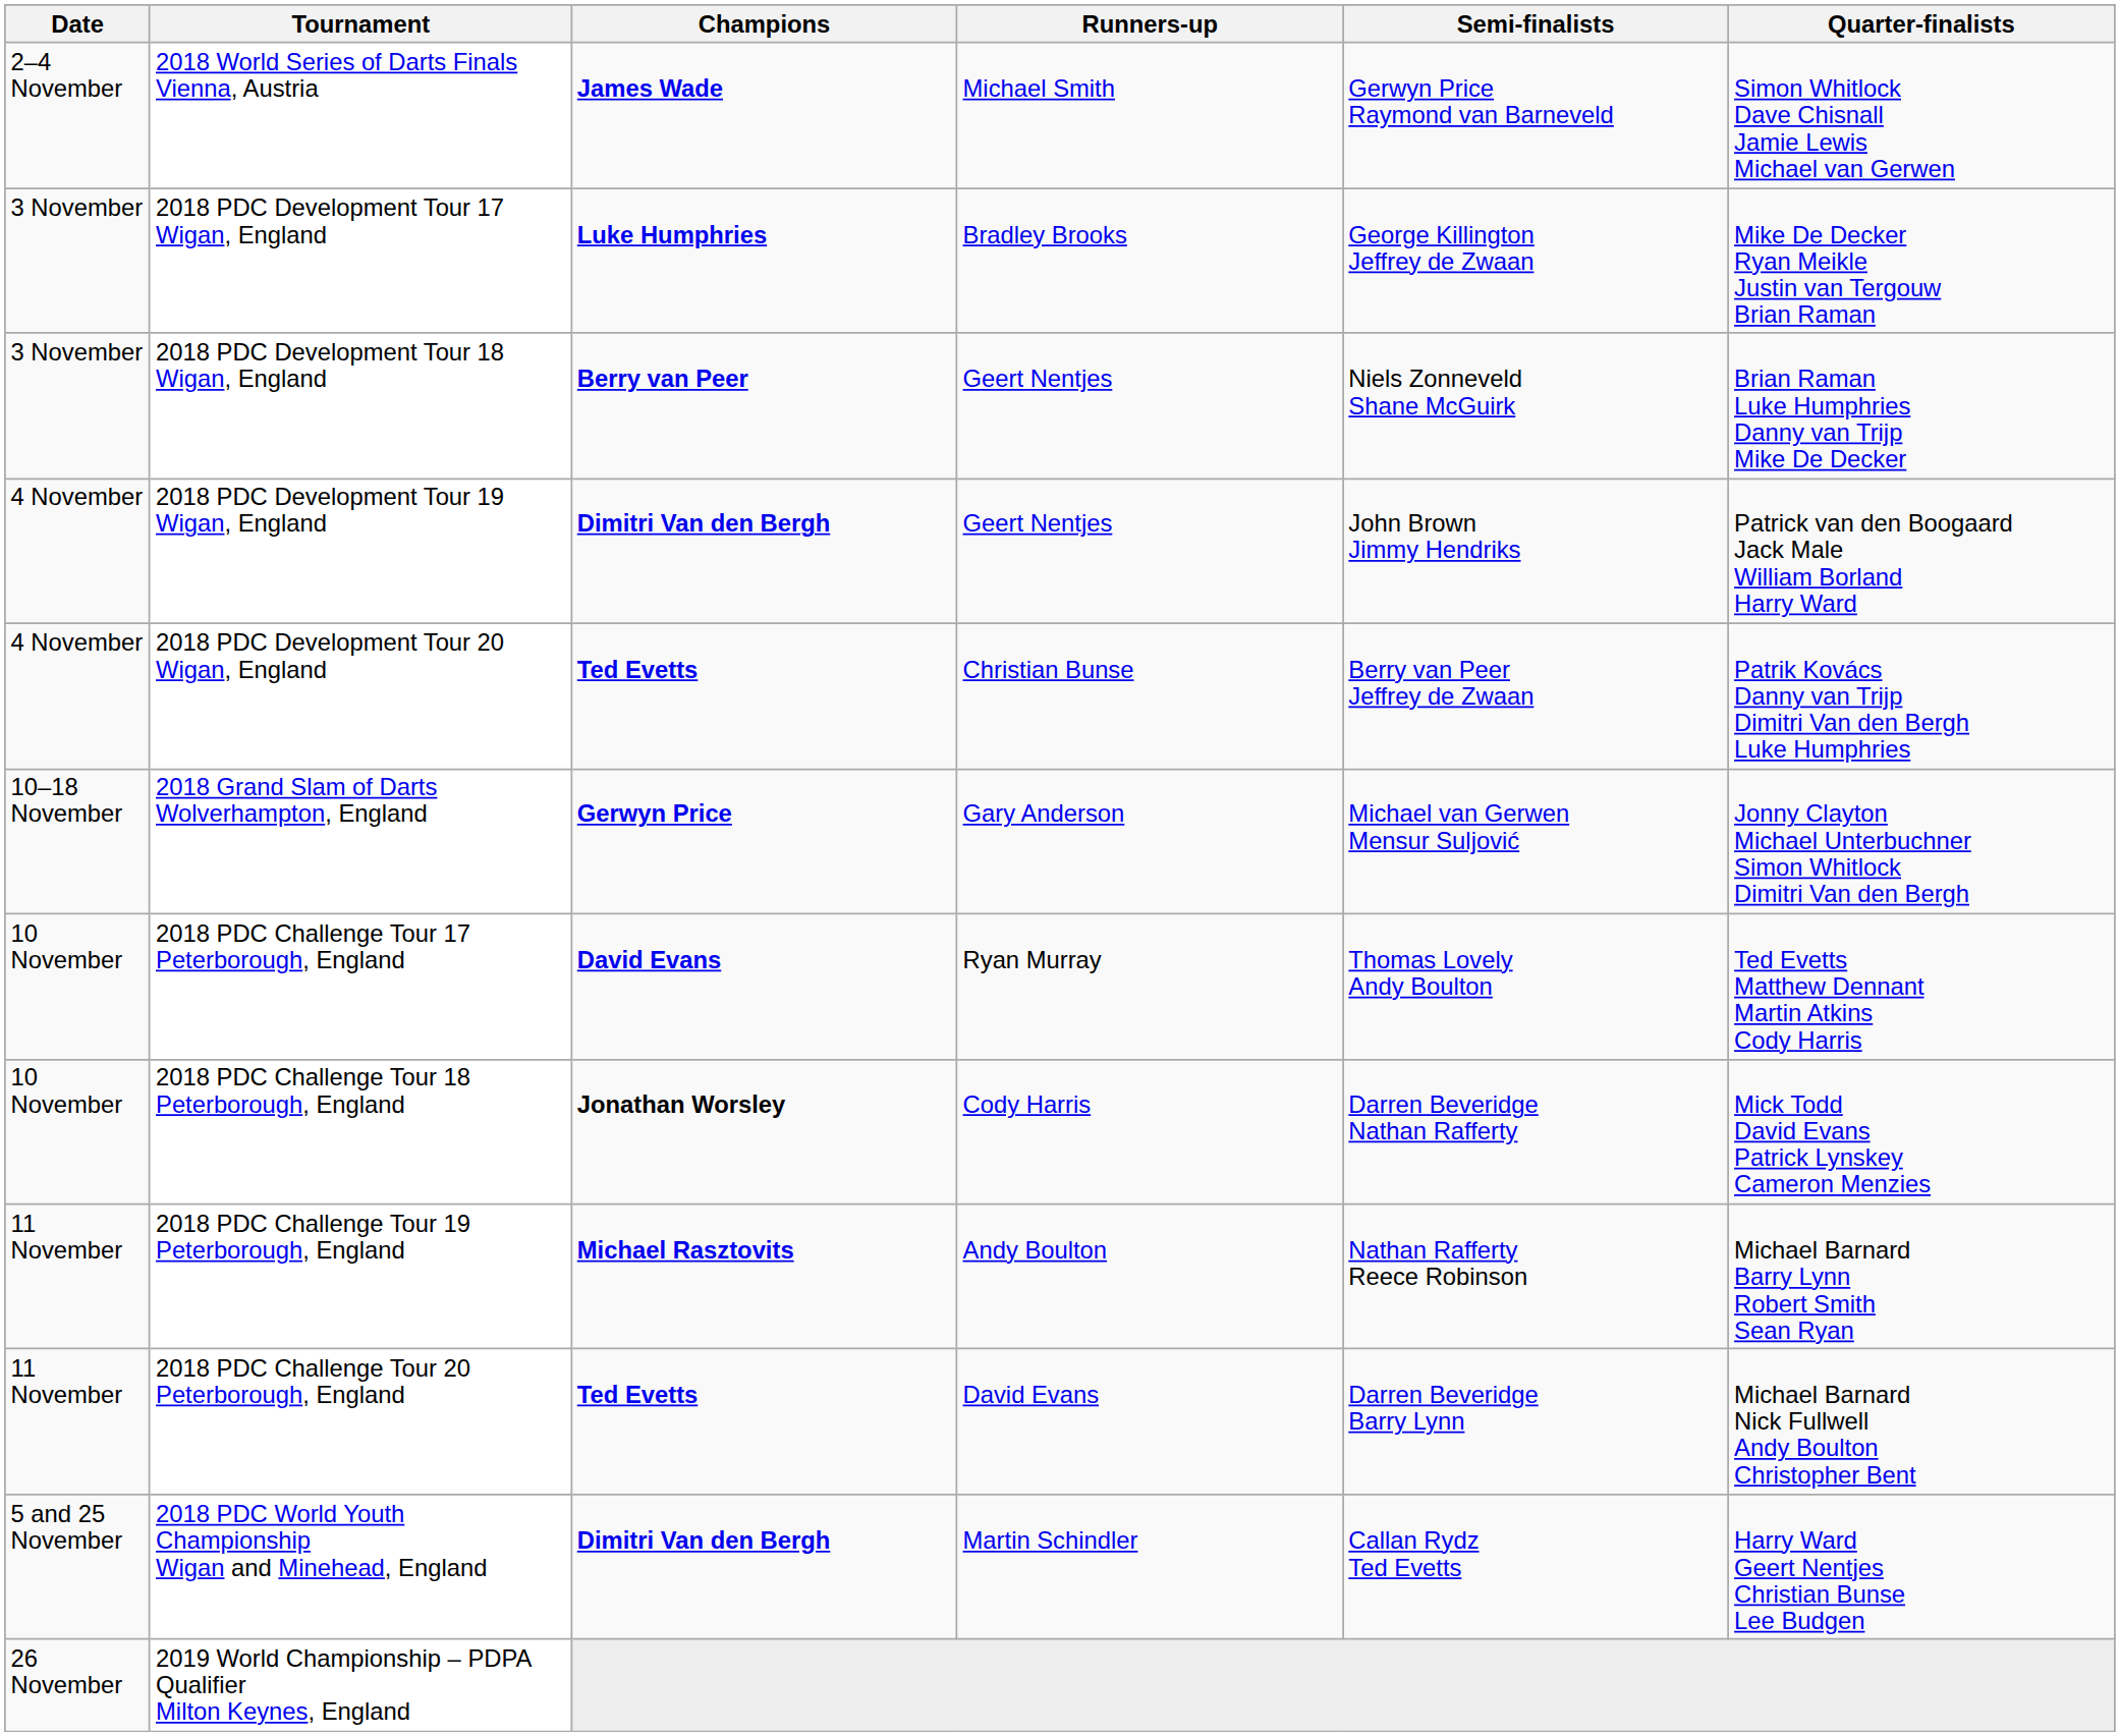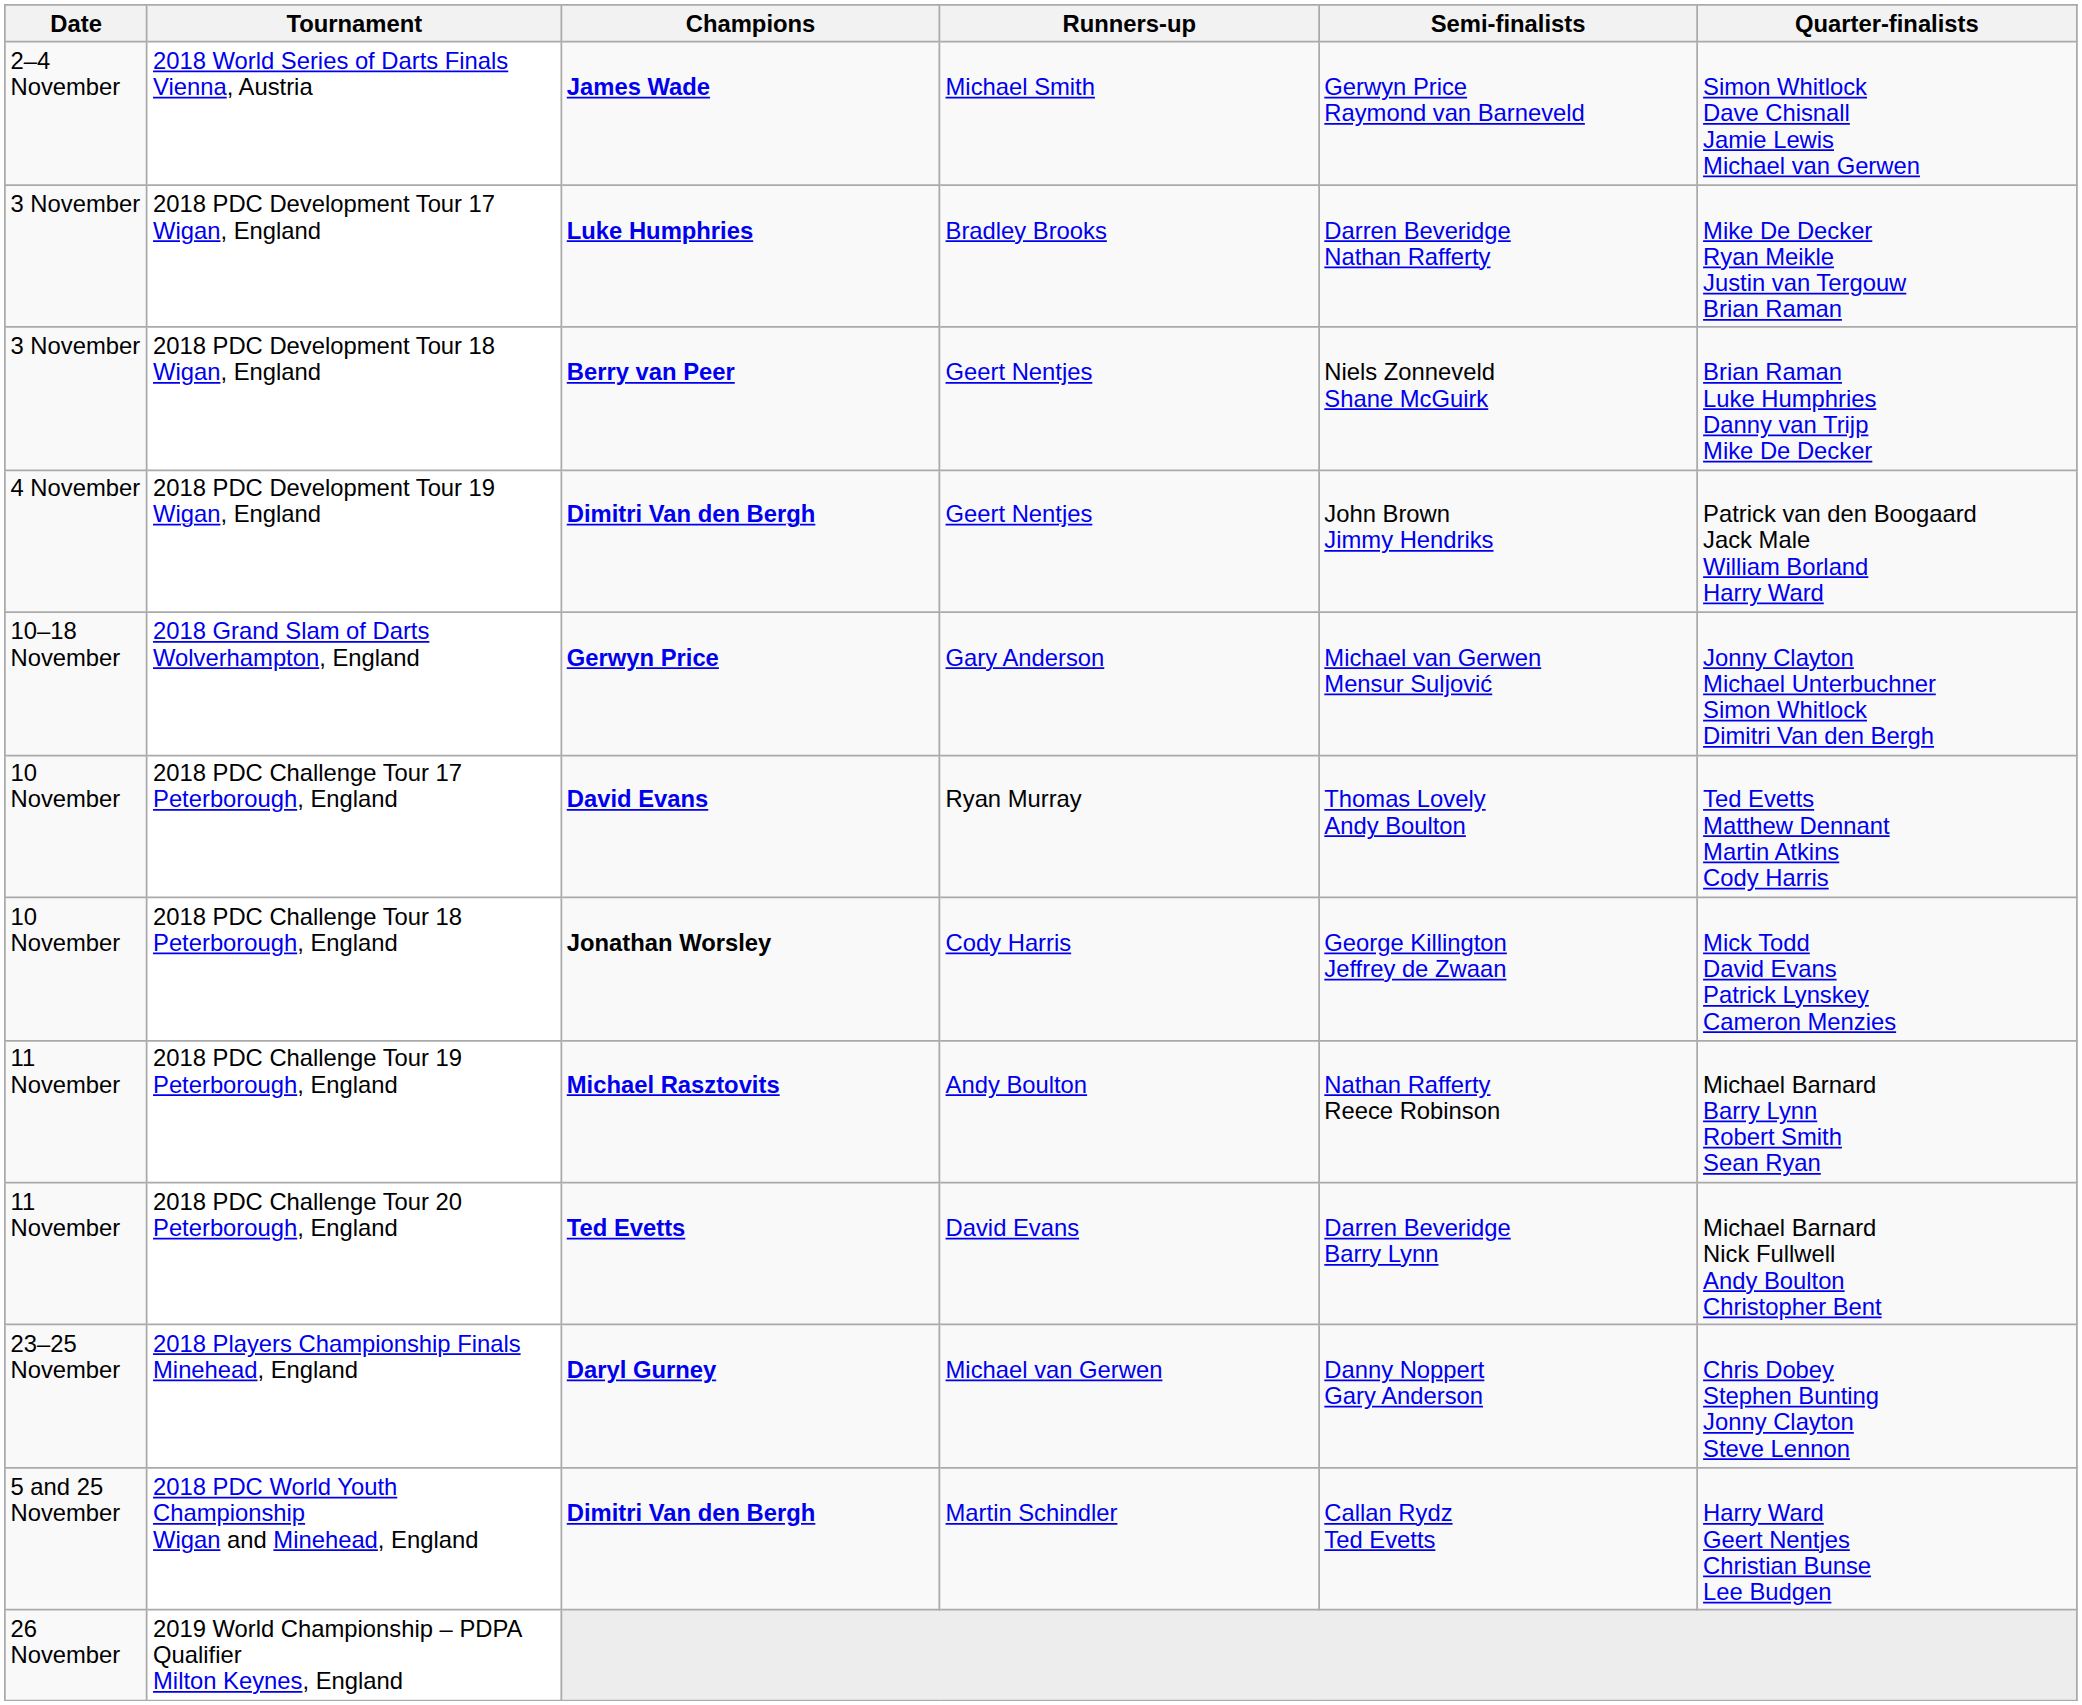 <table class=wikitable style=font-size:85%>
 <tr>
 <th width=75>Date</th>
 <th width=230>Tournament</th>
 <th width=210>Champions</th>
 <th width=210>Runners-up</th>
 <th width=210>Semi-finalists</th>
 <th width=210>Quarter-finalists</th>
 </tr>
 <tr valign="top">
 <td>2–4 November</td>
 <td bgcolor="#ffffff"><a href='#'>2018 World Series of Darts Finals</a><br><a href='#'>Vienna</a>, Austria</td>
 <td><br> <strong><a href='#'>James Wade</a></strong></td>
 <td><br> <a href='#'>Michael Smith</a></td>
 <td><br> <a href='#'>Gerwyn Price</a> <br>  <a href='#'>Raymond van Barneveld</a></td>
 <td><br> <a href='#'>Simon Whitlock</a> <br>  <a href='#'>Dave Chisnall</a> <br>  <a href='#'>Jamie Lewis</a> <br>  <a href='#'>Michael van Gerwen</a></td>
 </tr>
 <tr valign="top">
 <td>3 November</td>
 <td bgcolor="#ffffff">2018 PDC Development Tour 17<br><a href='#'>Wigan</a>, England</td>
 <td><br> <strong><a href='#'>Luke Humphries</a></strong></td>
 <td><br> <a href='#'>Bradley Brooks</a></td>
-<td><br> <a href='#'>George Killington</a> <br>  <a href='#'>Jeffrey de Zwaan</a></td>
+<td><br> <a href='#'>Darren Beveridge</a> <br>  <a href='#'>Nathan Rafferty</a></td>
 <td><br> <a href='#'>Mike De Decker</a> <br>  <a href='#'>Ryan Meikle</a> <br>  <a href='#'>Justin van Tergouw</a> <br>  <a href='#'>Brian Raman</a></td>
 </tr>
 <tr valign="top">
 <td>3 November</td>
 <td bgcolor="#ffffff">2018 PDC Development Tour 18<br><a href='#'>Wigan</a>, England</td>
 <td><br> <strong><a href='#'>Berry van Peer</a></strong></td>
 <td><br> <a href='#'>Geert Nentjes</a></td>
 <td><br> Niels Zonneveld <br>  <a href='#'>Shane McGuirk</a></td>
 <td><br> <a href='#'>Brian Raman</a> <br>  <a href='#'>Luke Humphries</a> <br>  <a href='#'>Danny van Trijp</a> <br>  <a href='#'>Mike De Decker</a></td>
 </tr>
 <tr valign="top">
 <td>4 November</td>
 <td bgcolor="#ffffff">2018 PDC Development Tour 19<br><a href='#'>Wigan</a>, England</td>
 <td><br> <strong><a href='#'>Dimitri Van den Bergh</a></strong></td>
 <td><br> <a href='#'>Geert Nentjes</a></td>
 <td><br> John Brown <br>  <a href='#'>Jimmy Hendriks</a></td>
 <td><br> Patrick van den Boogaard <br>  Jack Male <br>  <a href='#'>William Borland</a> <br>  <a href='#'>Harry Ward</a></td>
-</tr>
-<tr valign="top">
-<td>4 November</td>
-<td bgcolor="#ffffff">2018 PDC Development Tour 20<br><a href='#'>Wigan</a>, England</td>
-<td><br> <strong><a href='#'>Ted Evetts</a></strong></td>
-<td><br> <a href='#'>Christian Bunse</a></td>
-<td><br> <a href='#'>Berry van Peer</a> <br>  <a href='#'>Jeffrey de Zwaan</a></td>
-<td><br> <a href='#'>Patrik Kovács</a> <br>  <a href='#'>Danny van Trijp</a> <br>  <a href='#'>Dimitri Van den Bergh</a> <br>  <a href='#'>Luke Humphries</a></td>
 </tr>
 <tr valign="top">
 <td>10–18 November</td>
 <td bgcolor="#ffffff"><a href='#'>2018 Grand Slam of Darts</a><br><a href='#'>Wolverhampton</a>, England</td>
 <td><br> <strong><a href='#'>Gerwyn Price</a></strong></td>
 <td><br> <a href='#'>Gary Anderson</a></td>
 <td><br> <a href='#'>Michael van Gerwen</a> <br>  <a href='#'>Mensur Suljović</a></td>
 <td><br> <a href='#'>Jonny Clayton</a> <br>  <a href='#'>Michael Unterbuchner</a> <br>  <a href='#'>Simon Whitlock</a> <br>  <a href='#'>Dimitri Van den Bergh</a></td>
 </tr>
 <tr valign="top">
 <td>10 November</td>
 <td bgcolor="#ffffff">2018 PDC Challenge Tour 17<br><a href='#'>Peterborough</a>, England</td>
 <td><br> <strong><a href='#'>David Evans</a></strong></td>
 <td><br> Ryan Murray</td>
 <td><br> <a href='#'>Thomas Lovely</a> <br>  <a href='#'>Andy Boulton</a></td>
 <td><br> <a href='#'>Ted Evetts</a> <br>  <a href='#'>Matthew Dennant</a> <br>  <a href='#'>Martin Atkins</a> <br>  <a href='#'>Cody Harris</a></td>
 </tr>
 <tr valign="top">
 <td>10 November</td>
 <td bgcolor="#ffffff">2018 PDC Challenge Tour 18<br><a href='#'>Peterborough</a>, England</td>
 <td><br> <strong>Jonathan Worsley</strong></td>
 <td><br> <a href='#'>Cody Harris</a></td>
-<td><br> <a href='#'>Darren Beveridge</a> <br>  <a href='#'>Nathan Rafferty</a></td>
+<td><br> <a href='#'>George Killington</a> <br>  <a href='#'>Jeffrey de Zwaan</a></td>
 <td><br> <a href='#'>Mick Todd</a> <br>  <a href='#'>David Evans</a> <br>  <a href='#'>Patrick Lynskey</a> <br>  <a href='#'>Cameron Menzies</a></td>
 </tr>
 <tr valign="top">
 <td>11 November</td>
 <td bgcolor="#ffffff">2018 PDC Challenge Tour 19<br><a href='#'>Peterborough</a>, England</td>
 <td><br> <strong><a href='#'>Michael Rasztovits</a></strong></td>
 <td><br> <a href='#'>Andy Boulton</a></td>
 <td><br> <a href='#'>Nathan Rafferty</a> <br>  Reece Robinson</td>
 <td><br> Michael Barnard <br>  <a href='#'>Barry Lynn</a> <br>  <a href='#'>Robert Smith</a> <br>  <a href='#'>Sean Ryan</a></td>
 </tr>
 <tr valign="top">
 <td>11 November</td>
 <td bgcolor="#ffffff">2018 PDC Challenge Tour 20<br><a href='#'>Peterborough</a>, England</td>
 <td><br> <strong><a href='#'>Ted Evetts</a></strong></td>
 <td><br> <a href='#'>David Evans</a></td>
 <td><br> <a href='#'>Darren Beveridge</a> <br>  <a href='#'>Barry Lynn</a></td>
 <td><br> Michael Barnard <br>  Nick Fullwell <br>  <a href='#'>Andy Boulton</a> <br>  <a href='#'>Christopher Bent</a></td>
 </tr>
 <tr valign="top">
+<td>23–25 November</td>
+<td bgcolor="#ffffff"><a href='#'>2018 Players Championship Finals</a><br><a href='#'>Minehead</a>, England</td>
+<td><br> <strong><a href='#'>Daryl Gurney</a></strong></td>
+<td><br> <a href='#'>Michael van Gerwen</a></td>
+<td><br> <a href='#'>Danny Noppert</a> <br>  <a href='#'>Gary Anderson</a></td>
+<td><br> <a href='#'>Chris Dobey</a> <br>  <a href='#'>Stephen Bunting</a> <br>  <a href='#'>Jonny Clayton</a> <br>  <a href='#'>Steve Lennon</a></td>
+</tr>
+<tr valign="top">
 <td>5 and 25 November</td>
 <td bgcolor="#ffffff"><a href='#'>2018 PDC World Youth Championship</a><br><a href='#'>Wigan</a> and <a href='#'>Minehead</a>, England</td>
 <td><br> <strong><a href='#'>Dimitri Van den Bergh</a></strong></td>
 <td><br> <a href='#'>Martin Schindler</a></td>
 <td><br> <a href='#'>Callan Rydz</a> <br>  <a href='#'>Ted Evetts</a></td>
 <td><br> <a href='#'>Harry Ward</a> <br>  <a href='#'>Geert Nentjes</a> <br>  <a href='#'>Christian Bunse</a> <br>  <a href='#'>Lee Budgen</a></td>
 </tr>
 <tr valign="top">
 <td>26 November</td>
 <td bgcolor="#ffffff">2019 World Championship – PDPA Qualifier <br> <a href='#'>Milton Keynes</a>, England</td>
 <td colspan=4 bgcolor="#ededed"></td>
 </tr>
 </table>
